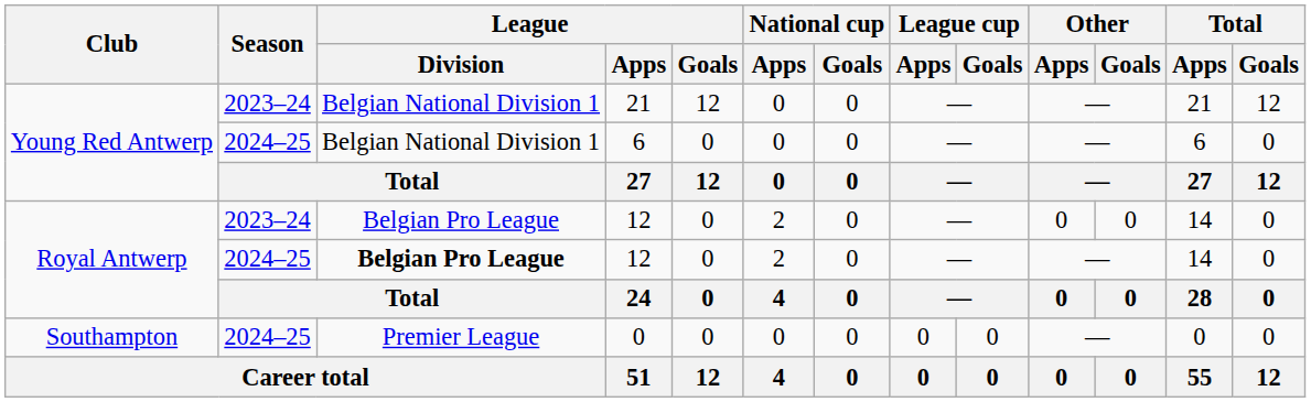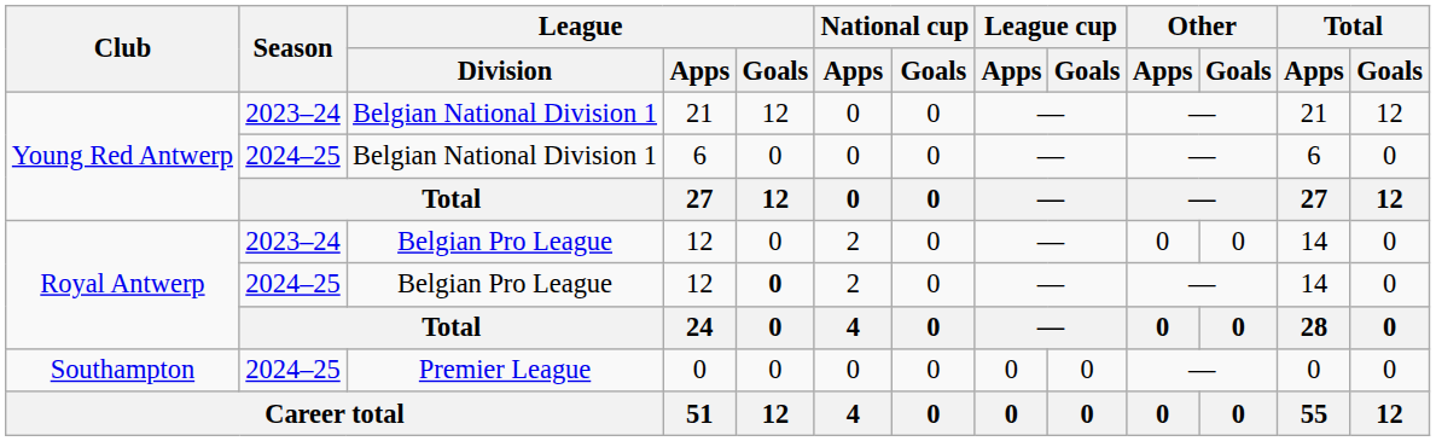 <table class="wikitable" style="text-align:center">
 <tr>
 <th rowspan=2>Club</th>
 <th rowspan=2>Season</th>
 <th colspan=3>League</th>
 <th colspan=2>National cup</th>
 <th colspan=2>League cup</th>
 <th colspan=2>Other</th>
 <th colspan=2>Total</th>
 </tr>
 <tr>
 <th>Division</th>
 <th>Apps</th>
 <th>Goals</th>
 <th>Apps</th>
 <th>Goals</th>
 <th>Apps</th>
 <th>Goals</th>
 <th>Apps</th>
 <th>Goals</th>
 <th>Apps</th>
 <th>Goals</th>
 </tr>
 <tr>
 <td rowspan="3"><a href='#'>Young Red Antwerp</a></td>
 <td><a href='#'>2023–24</a></td>
 <td><a href='#'>Belgian National Division 1</a></td>
 <td>21</td>
 <td>12</td>
 <td>0</td>
 <td>0</td>
 <td colspan="2">—</td>
 <td colspan="2">—</td>
 <td>21</td>
 <td>12</td>
 </tr>
 <tr>
 <td><a href='#'>2024–25</a></td>
 <td>Belgian National Division 1</td>
 <td>6</td>
 <td>0</td>
 <td>0</td>
 <td>0</td>
 <td colspan="2">—</td>
 <td colspan="2">—</td>
 <td>6</td>
 <td>0</td>
 </tr>
 <tr>
 <th colspan="2">Total</th>
 <th>27</th>
 <th>12</th>
 <th>0</th>
 <th>0</th>
 <th colspan="2">—</th>
 <th colspan="2">—</th>
 <th>27</th>
 <th>12</th>
 </tr>
 <tr>
 <td rowspan="3"><a href='#'>Royal Antwerp</a></td>
 <td><a href='#'>2023–24</a></td>
 <td><a href='#'>Belgian Pro League</a></td>
 <td>12</td>
 <td>0</td>
 <td>2</td>
 <td>0</td>
 <td colspan="2">—</td>
 <td>0</td>
 <td>0</td>
 <td>14</td>
 <td>0</td>
 </tr>
 <tr>
 <td><a href='#'>2024–25</a></td>
-<td><strong>Belgian Pro League</strong></td>
+<td>Belgian Pro League</td>
 <td>12</td>
-<td>0</td>
+<td><strong>0</strong></td>
 <td>2</td>
 <td>0</td>
 <td colspan="2">—</td>
 <td colspan="2">—</td>
 <td>14</td>
 <td>0</td>
 </tr>
 <tr>
 <th colspan="2">Total</th>
 <th>24</th>
 <th>0</th>
 <th>4</th>
 <th>0</th>
 <th colspan="2">—</th>
 <th>0</th>
 <th>0</th>
 <th>28</th>
 <th>0</th>
 </tr>
 <tr>
 <td><a href='#'>Southampton</a></td>
 <td><a href='#'>2024–25</a></td>
 <td><a href='#'>Premier League</a></td>
 <td>0</td>
 <td>0</td>
 <td>0</td>
 <td>0</td>
 <td>0</td>
 <td>0</td>
 <td colspan="2">—</td>
 <td>0</td>
 <td>0</td>
 </tr>
 <tr>
 <th colspan="3">Career total</th>
 <th>51</th>
 <th>12</th>
 <th>4</th>
 <th>0</th>
 <th>0</th>
 <th>0</th>
 <th>0</th>
 <th>0</th>
 <th>55</th>
 <th>12</th>
 </tr>
 </table>
